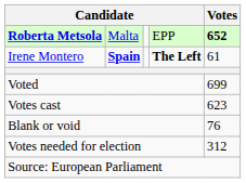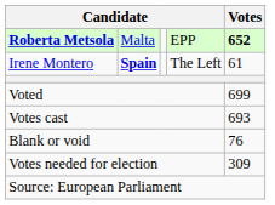 <table class="wikitable">
 <tr>
 <th colspan="4">Candidate</th>
 <th>Votes</th>
 </tr>
 <tr>
 <td style="background-color:#d8ffcc"><strong><a href='#'>Roberta Metsola</a></strong></td>
 <td style="background-color:#d8ffcc"> <a href='#'>Malta</a></td>
 <td style="background-color:width:1px; background-color:"></td>
 <td style="background-color:#d8ffcc">EPP</td>
 <td style=" background-color:#d8ffcc"><strong>652</strong></td>
 </tr>
 <tr>
 <td><a href='#'>Irene Montero</a></td>
 <td><strong> <a href='#'>Spain</a></strong></td>
 <td style="background-color:width:1px; background-color:"></td>
-<td><strong>The Left</strong></td>
+<td>The Left</td>
 <td>61</td>
 </tr>
 <tr>
 <th colspan="5"></th>
 </tr>
 <tr>
 <td colspan="4">Voted</td>
 <td>699</td>
 </tr>
 <tr>
 <td colspan="4">Votes cast</td>
-<td>623</td>
+<td>693</td>
 </tr>
 <tr>
 <td colspan="4">Blank or void</td>
 <td>76</td>
 </tr>
 <tr>
 <td colspan="4">Votes needed for election</td>
-<td>312</td>
+<td>309</td>
 </tr>
 <tr>
 <td colspan="5">Source: European Parliament </td>
 </tr>
 </table>
